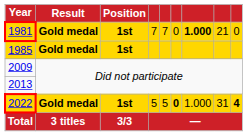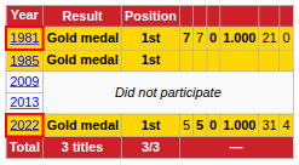 <table class="wikitable" style="text-align:center">
 <tr>
 <th style="color:white; background:#CE2028;">Year</th>
 <th style="color:white; background:#CE2028;">Result</th>
 <th style="color:white; background:#CE2028;">Position</th>
 <th style="color:white; background:#CE2028;"></th>
 <th style="color:white; background:#CE2028;"></th>
 <th style="color:white; background:#CE2028;"></th>
 <th style="color:white; background:#CE2028;"></th>
 <th style="color:white; background:#CE2028;"></th>
 <th style="color:white; background:#CE2028;"></th>
 </tr>
 <tr style="background:gold;">
 <td style="border:3px solid red"> <a href='#'>1981</a></td>
 <td><strong>Gold medal</strong></td>
 <td><strong>1st</strong></td>
+<td><strong>7</strong></td>
 <td>7</td>
-<td>7</td>
-<td>0</td>
+<td><strong>0</strong></td>
 <td><strong>1.000</strong></td>
 <td>21</td>
 <td>0</td>
 </tr>
 <tr style="background:gold;">
 <td> <a href='#'>1985</a></td>
 <td><strong>Gold medal</strong></td>
 <td><strong>1st</strong></td>
 <td></td>
 <td></td>
 <td></td>
 <td></td>
 <td></td>
 <td></td>
 </tr>
 <tr>
 <td> <a href='#'>2009</a></td>
 <td colspan="8" rowspan="2"><em>Did not participate</em></td>
 </tr>
 <tr>
 <td> <a href='#'>2013</a></td>
 </tr>
 <tr style="background:gold;">
 <td style="border:3px solid red"> <a href='#'>2022</a></td>
 <td><strong>Gold medal</strong></td>
 <td><strong>1st</strong></td>
 <td>5</td>
-<td>5</td>
+<td><strong>5</strong></td>
 <td><strong>0</strong></td>
-<td>1.000</td>
+<td><strong>1.000</strong></td>
 <td>31</td>
-<td><strong>4</strong></td>
+<td>4</td>
 </tr>
 <tr>
 <th style="color:white; background:#CE2028;">Total</th>
 <th style="color:white; background:#CE2028;">3 titles</th>
 <th style="color:white; background:#CE2028;">3/3</th>
 <th colspan="6" style="color:white; background:#CE2028;">—</th>
 </tr>
 </table>
